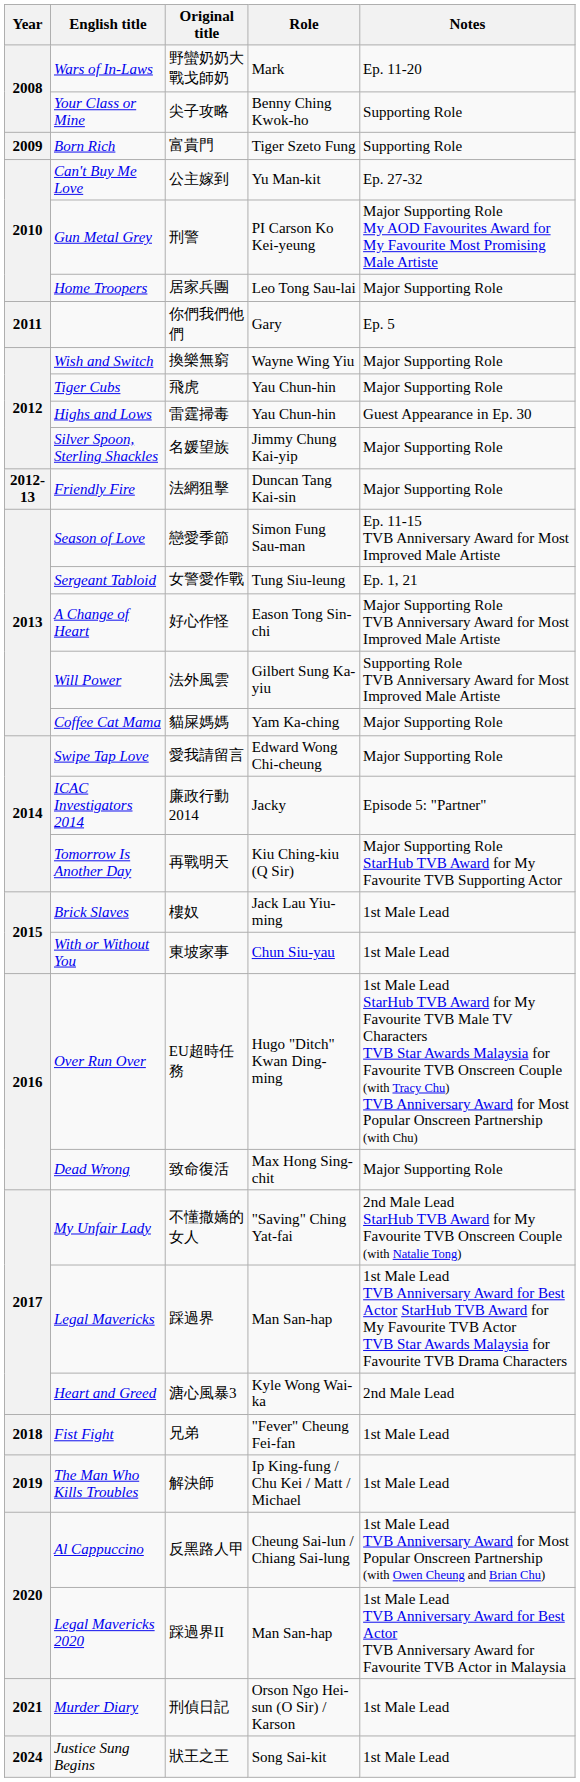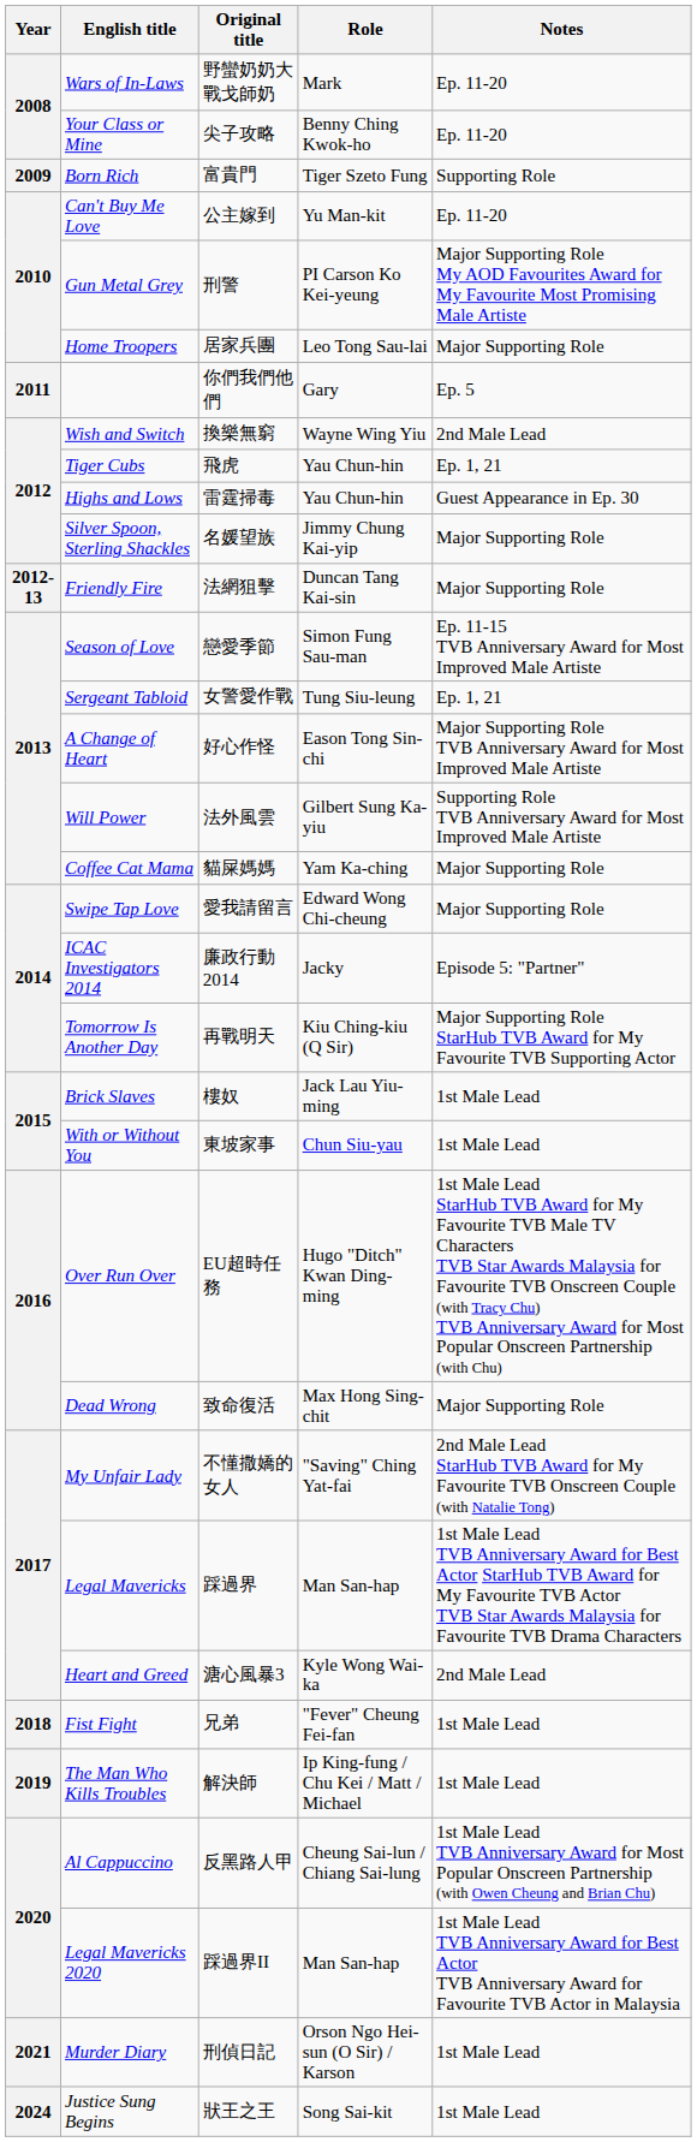 <table class="wikitable sortable">
 <tr>
 <th>Year</th>
 <th>English title</th>
 <th>Original title</th>
 <th>Role</th>
 <th class="unsortable">Notes</th>
 </tr>
 <tr>
 <th scope="row" rowspan=2 style="text-align:center">2008</th>
 <td><em><a href='#'>Wars of In-Laws</a></em></td>
 <td>野蠻奶奶大戰戈師奶</td>
 <td>Mark</td>
 <td>Ep. 11-20</td>
 </tr>
 <tr>
 <td><em><a href='#'>Your Class or Mine</a></em></td>
 <td>尖子攻略</td>
 <td>Benny Ching Kwok-ho</td>
-<td>Supporting Role</td>
+<td>Ep. 11-20</td>
 </tr>
 <tr>
 <th scope="row" style="text-align:center;">2009</th>
 <td><em><a href='#'>Born Rich</a></em></td>
 <td>富貴門</td>
 <td>Tiger Szeto Fung</td>
 <td>Supporting Role</td>
 </tr>
 <tr>
 <th scope="row" rowspan=3 style="text-align:center;">2010</th>
 <td><em><a href='#'>Can't Buy Me Love</a></em></td>
 <td>公主嫁到</td>
 <td>Yu Man-kit</td>
-<td>Ep. 27-32</td>
+<td>Ep. 11-20</td>
 </tr>
 <tr>
 <td><em><a href='#'>Gun Metal Grey</a></em></td>
 <td>刑警</td>
 <td>PI Carson Ko Kei-yeung</td>
 <td>Major Supporting Role<br><a href='#'>My AOD Favourites Award for My Favourite Most Promising Male Artiste</a></td>
 </tr>
 <tr>
 <td><em><a href='#'>Home Troopers</a></em></td>
 <td>居家兵團</td>
 <td>Leo Tong Sau-lai</td>
 <td>Major Supporting Role</td>
 </tr>
 <tr>
 <th scope="row" style="text-align:center;">2011</th>
 <td><em></em></td>
 <td>你們我們他們</td>
 <td>Gary</td>
 <td>Ep. 5</td>
 </tr>
 <tr>
 <th scope="row" rowspan=4 style="text-align:center;">2012</th>
 <td><em><a href='#'>Wish and Switch</a></em></td>
 <td>換樂無窮</td>
 <td>Wayne Wing Yiu</td>
-<td>Major Supporting Role</td>
+<td>2nd Male Lead</td>
 </tr>
 <tr>
 <td><em><a href='#'>Tiger Cubs</a></em></td>
 <td>飛虎</td>
 <td>Yau Chun-hin</td>
-<td>Major Supporting Role</td>
+<td>Ep. 1, 21</td>
 </tr>
 <tr>
 <td><em><a href='#'>Highs and Lows</a></em></td>
 <td>雷霆掃毒</td>
 <td>Yau Chun-hin</td>
 <td>Guest Appearance in Ep. 30</td>
 </tr>
 <tr>
 <td><em><a href='#'>Silver Spoon, Sterling Shackles</a></em></td>
 <td>名媛望族</td>
 <td>Jimmy Chung Kai-yip</td>
 <td>Major Supporting Role</td>
 </tr>
 <tr>
 <th scope="row" style="text-align:center;">2012-13</th>
 <td><em><a href='#'>Friendly Fire</a></em></td>
 <td>法網狙擊</td>
 <td>Duncan Tang Kai-sin</td>
 <td>Major Supporting Role<br></td>
 </tr>
 <tr>
 <th scope="row" rowspan=5 style="text-align:center;">2013</th>
 <td><em><a href='#'>Season of Love</a></em></td>
 <td>戀愛季節</td>
 <td>Simon Fung Sau-man</td>
 <td>Ep. 11-15<br>TVB Anniversary Award for Most Improved Male Artiste</td>
 </tr>
 <tr>
 <td><em><a href='#'>Sergeant Tabloid</a></em></td>
 <td>女警愛作戰</td>
 <td>Tung Siu-leung</td>
 <td>Ep. 1, 21</td>
 </tr>
 <tr>
 <td><em><a href='#'>A Change of Heart</a></em></td>
 <td>好心作怪</td>
 <td>Eason Tong Sin-chi</td>
 <td>Major Supporting Role<br>TVB Anniversary Award for Most Improved Male Artiste</td>
 </tr>
 <tr>
 <td><em><a href='#'>Will Power</a></em></td>
 <td>法外風雲</td>
 <td>Gilbert Sung Ka-yiu</td>
 <td>Supporting Role<br>TVB Anniversary Award for Most Improved Male Artiste</td>
 </tr>
 <tr>
 <td><em><a href='#'>Coffee Cat Mama</a></em></td>
 <td>貓屎媽媽</td>
 <td>Yam Ka-ching</td>
 <td>Major Supporting Role</td>
 </tr>
 <tr>
 <th scope="row" rowspan=3 style="text-align:center;">2014</th>
 <td><em><a href='#'>Swipe Tap Love</a></em></td>
 <td>愛我請留言</td>
 <td>Edward Wong Chi-cheung</td>
 <td>Major Supporting Role</td>
 </tr>
 <tr>
 <td><em><a href='#'>ICAC Investigators 2014</a></em></td>
 <td>廉政行動2014</td>
 <td>Jacky</td>
 <td>Episode 5: "Partner"</td>
 </tr>
 <tr>
 <td><em><a href='#'>Tomorrow Is Another Day</a></em></td>
 <td>再戰明天</td>
 <td>Kiu Ching-kiu (Q Sir)</td>
 <td>Major Supporting Role<br><a href='#'>StarHub TVB Award</a> for My Favourite TVB Supporting Actor</td>
 </tr>
 <tr>
 <th scope="row" rowspan=2  style="text-align:center;">2015</th>
 <td><em><a href='#'>Brick Slaves</a></em></td>
 <td>樓奴</td>
 <td>Jack Lau Yiu-ming</td>
 <td>1st Male Lead</td>
 </tr>
 <tr>
 <td><em><a href='#'>With or Without You</a></em></td>
 <td>東坡家事</td>
 <td><a href='#'>Chun Siu-yau</a></td>
 <td>1st Male Lead</td>
 </tr>
 <tr>
 <th scope="row" rowspan=2 style="text-align:center;">2016</th>
 <td><em><a href='#'>Over Run Over</a></em></td>
 <td>EU超時任務</td>
 <td>Hugo "Ditch" Kwan Ding-ming</td>
 <td>1st Male Lead<br><a href='#'>StarHub TVB Award</a> for My Favourite TVB Male TV Characters<br><a href='#'>TVB Star Awards Malaysia</a> for Favourite TVB Onscreen Couple <small>(with <a href='#'>Tracy Chu</a>)</small><br><a href='#'>TVB Anniversary Award</a> for Most Popular Onscreen Partnership <small>(with Chu)</small></td>
 </tr>
 <tr>
 <td><em><a href='#'>Dead Wrong</a></em></td>
 <td>致命復活</td>
 <td>Max Hong Sing-chit</td>
 <td>Major Supporting Role</td>
 </tr>
 <tr>
 <th scope=row rowspan=3 style="text-align:center;">2017</th>
 <td><em><a href='#'>My Unfair Lady</a></em></td>
 <td>不懂撒嬌的女人</td>
 <td>"Saving" Ching Yat-fai</td>
 <td>2nd Male Lead<br><a href='#'>StarHub TVB Award</a> for My Favourite TVB Onscreen Couple <small>(with <a href='#'>Natalie Tong</a>)</small></td>
 </tr>
 <tr>
 <td><em><a href='#'>Legal Mavericks</a></em></td>
 <td>踩過界</td>
 <td>Man San-hap</td>
 <td>1st Male Lead<br><a href='#'>TVB Anniversary Award for Best Actor</a> <a href='#'>StarHub TVB Award</a> for My Favourite TVB Actor<br><a href='#'>TVB Star Awards Malaysia</a> for Favourite TVB Drama Characters</td>
 </tr>
 <tr>
 <td><em><a href='#'>Heart and Greed</a></em></td>
 <td>溏心風暴3</td>
 <td>Kyle Wong Wai-ka</td>
 <td>2nd Male Lead</td>
 </tr>
 <tr>
 <th scope=row style="text-align:center;">2018</th>
 <td><em><a href='#'>Fist Fight</a></em></td>
 <td>兄弟</td>
 <td>"Fever" Cheung Fei-fan</td>
 <td>1st Male Lead</td>
 </tr>
 <tr>
 <th scope=row style="text-align:center;">2019</th>
 <td><em><a href='#'>The Man Who Kills Troubles</a></em></td>
 <td>解決師</td>
 <td>Ip King-fung / Chu Kei / Matt / Michael</td>
 <td>1st Male Lead</td>
 </tr>
 <tr>
 <th scope=row rowspan=2 style="text-align:center;">2020</th>
 <td><em><a href='#'>Al Cappuccino</a></em></td>
 <td>反黑路人甲</td>
 <td>Cheung Sai-lun / Chiang Sai-lung</td>
 <td>1st Male Lead<br><a href='#'>TVB Anniversary Award</a> for Most Popular Onscreen Partnership <small>(with <a href='#'>Owen Cheung</a> and <a href='#'>Brian Chu</a>)</small> <br></td>
 </tr>
 <tr>
 <td><em><a href='#'>Legal Mavericks 2020</a></em></td>
 <td>踩過界II</td>
 <td>Man San-hap</td>
 <td>1st Male Lead<br><a href='#'>TVB Anniversary Award for Best Actor</a><br>TVB Anniversary Award for Favourite TVB Actor in Malaysia</td>
 </tr>
 <tr>
 <th scope=row style="text-align:center;">2021</th>
 <td><em><a href='#'>Murder Diary</a></em></td>
 <td>刑偵日記</td>
 <td>Orson Ngo Hei-sun (O Sir) / Karson</td>
 <td>1st Male Lead</td>
 </tr>
 <tr>
 <th scope=row style="text-align:center;">2024</th>
 <td><em>Justice Sung Begins</em></td>
 <td>狀王之王</td>
 <td>Song Sai-kit</td>
 <td>1st Male Lead</td>
 </tr>
 </table>
